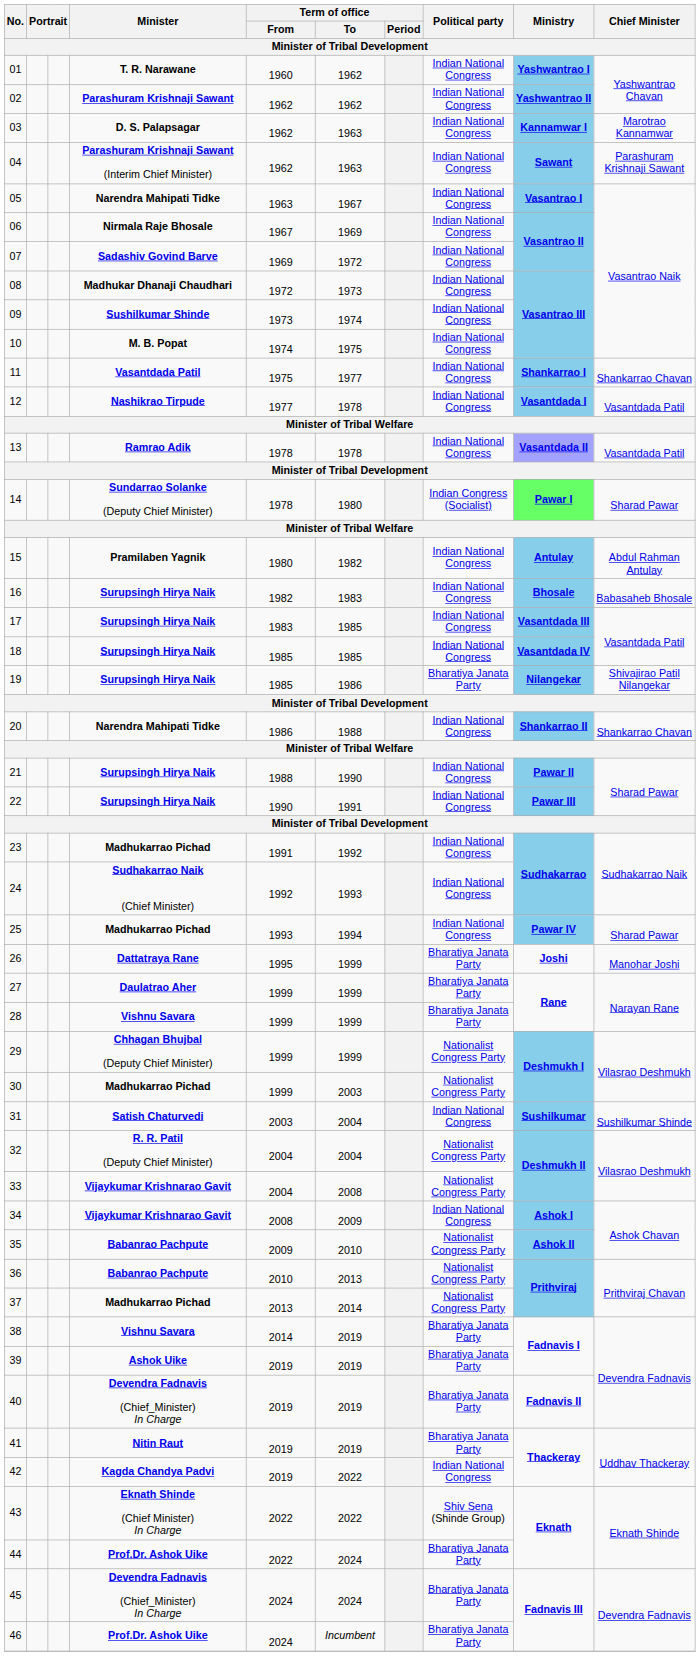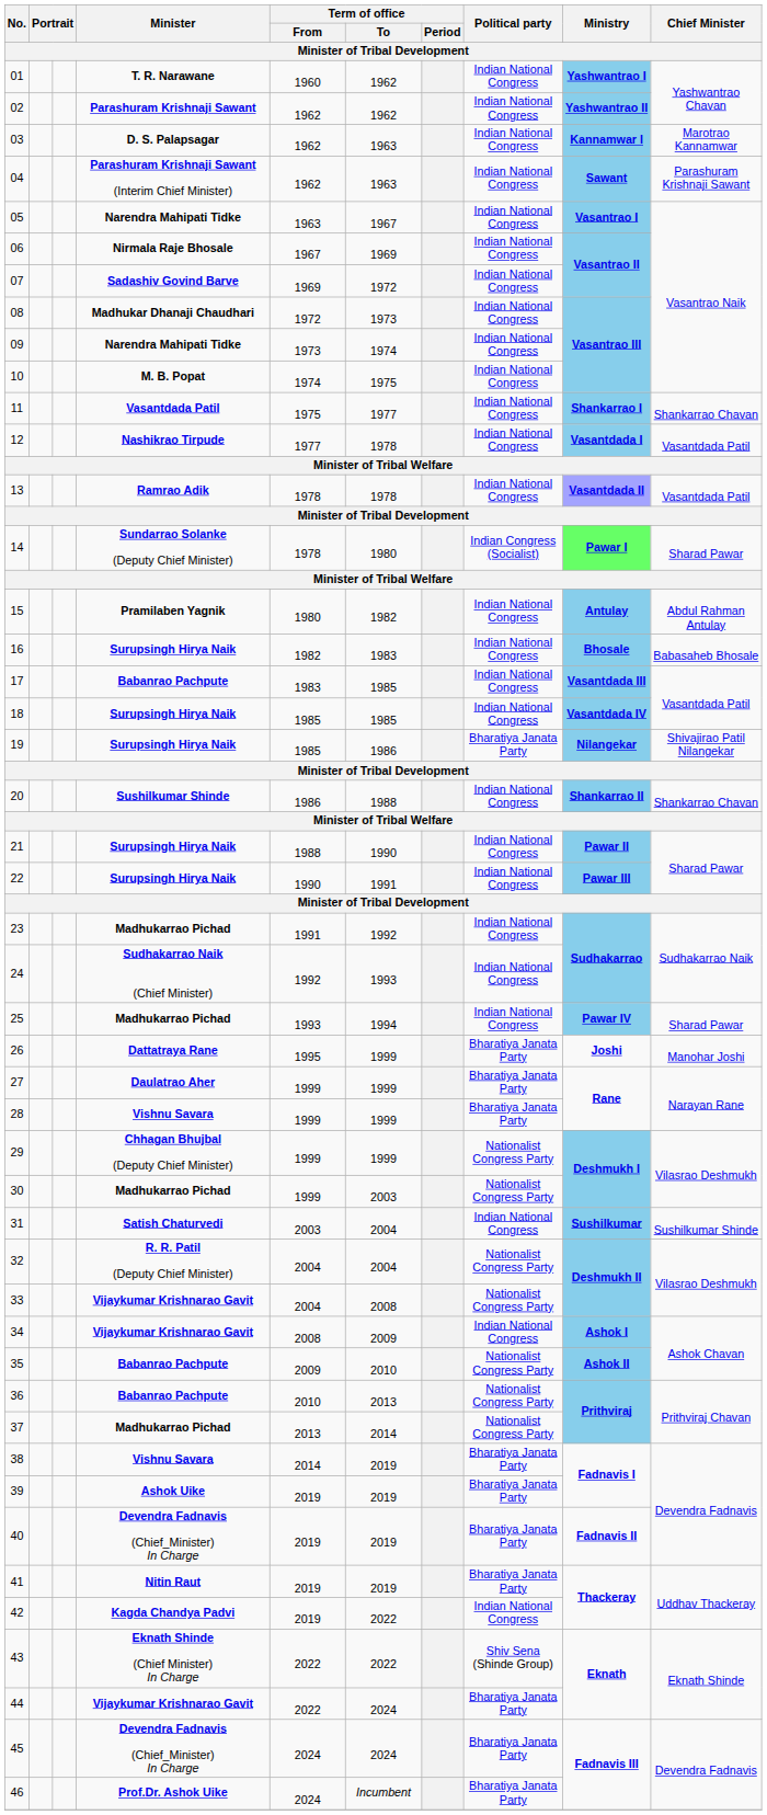 <table class="wikitable" style="text-align:center">
 <tr>
 <th rowspan="2">No.</th>
 <th rowspan="2" colspan="2">Portrait</th>
 <th rowspan="2" style="width:16em">Minister<br></th>
 <th colspan="3">Term of office</th>
 <th rowspan="2" style="width:8em">Political party</th>
 <th rowspan="2">Ministry</th>
 <th rowspan="2" style="width:9em">Chief Minister</th>
 </tr>
 <tr>
 <th style="width:6em">From</th>
 <th style="width:6em">To</th>
 <th>Period</th>
 </tr>
 <tr>
 <th colspan="10">Minister of Tribal Development</th>
 </tr>
 <tr>
 <td>01</td>
 <td style="color:inherit;background:"></td>
 <td></td>
 <td><strong>T. R. Narawane</strong>  <br> </td>
 <td><br>1960</td>
 <td><br>1962</td>
 <th></th>
 <td><a href='#'>Indian National Congress</a></td>
 <td bgcolor="#87CEEB"><a href='#'><strong>Yashwantrao I</strong></a></td>
 <td rowspan="2"> <br><a href='#'>Yashwantrao Chavan</a></td>
 </tr>
 <tr>
 <td>02</td>
 <td style="color:inherit;background:"></td>
 <td></td>
 <td><strong><a href='#'>Parashuram Krishnaji Sawant</a></strong>  <br> </td>
 <td><br>1962</td>
 <td><br>1962</td>
 <th></th>
 <td><a href='#'>Indian National Congress</a></td>
 <td bgcolor="#87CEEB"><a href='#'><strong>Yashwantrao II</strong></a></td>
 </tr>
 <tr>
 <td>03</td>
 <td style="color:inherit;background:"></td>
 <td></td>
 <td><strong>D. S. Palapsagar</strong>  <br> </td>
 <td><br>1962</td>
 <td><br>1963</td>
 <th></th>
 <td><a href='#'>Indian National Congress</a></td>
 <td bgcolor="#87CEEB"><a href='#'><strong>Kannamwar l</strong></a></td>
 <td><a href='#'>Marotrao Kannamwar</a></td>
 </tr>
 <tr>
 <td>04</td>
 <td style="color:inherit;background:"></td>
 <td></td>
 <td><strong><a href='#'>Parashuram Krishnaji Sawant</a></strong> <br>  <br>(Interim Chief Minister)</td>
 <td><br>1962</td>
 <td><br>1963</td>
 <th></th>
 <td><a href='#'>Indian National Congress</a></td>
 <td bgcolor="#87CEEB"><a href='#'><strong>Sawant</strong></a></td>
 <td><a href='#'>Parashuram Krishnaji Sawant</a></td>
 </tr>
 <tr>
 <td>05</td>
 <td style="color:inherit;background:"></td>
 <td></td>
 <td><strong>Narendra Mahipati Tidke</strong> <br> </td>
 <td><br>1963</td>
 <td><br>1967</td>
 <th></th>
 <td><a href='#'>Indian National Congress</a></td>
 <td bgcolor="#87CEEB"><a href='#'><strong>Vasantrao I</strong></a></td>
 <td rowspan="6"><br><a href='#'>Vasantrao Naik</a></td>
 </tr>
 <tr>
 <td>06</td>
 <td style="color:inherit;background:"></td>
 <td></td>
 <td><strong>Nirmala Raje Bhosale</strong> <br> </td>
 <td><br>1967</td>
 <td><br>1969</td>
 <th></th>
 <td><a href='#'>Indian National Congress</a></td>
 <td rowspan="2" bgcolor="#87CEEB"><a href='#'><strong>Vasantrao II</strong></a></td>
 </tr>
 <tr>
 <td>07</td>
 <td style="color:inherit;background:"></td>
 <td></td>
 <td><strong><a href='#'>Sadashiv Govind Barve</a></strong> <br> </td>
 <td><br>1969</td>
 <td><br>1972</td>
 <th></th>
 <td><a href='#'>Indian National Congress</a></td>
 </tr>
 <tr>
 <td>08</td>
 <td style="color:inherit;background:"></td>
 <td></td>
 <td><strong>Madhukar Dhanaji Chaudhari</strong> <br> </td>
 <td><br>1972</td>
 <td><br>1973</td>
 <th></th>
 <td><a href='#'>Indian National Congress</a></td>
 <td rowspan="3" bgcolor="#87CEEB"><a href='#'><strong>Vasantrao III</strong></a></td>
 </tr>
 <tr>
 <td>09</td>
 <td style="color:inherit;background:"></td>
 <td></td>
-<td><strong><a href='#'>Sushilkumar Shinde</a></strong>  <br> </td>
+<td><strong>Narendra Mahipati Tidke</strong> <br> </td>
 <td><br>1973</td>
 <td><br>1974</td>
 <th></th>
 <td><a href='#'>Indian National Congress</a></td>
 </tr>
 <tr>
 <td>10</td>
 <td style="color:inherit;background:"></td>
 <td></td>
 <td><strong>M. B. Popat</strong> <br> </td>
 <td><br>1974</td>
 <td><br>1975</td>
 <th></th>
 <td><a href='#'>Indian National Congress</a></td>
 </tr>
 <tr>
 <td>11</td>
 <td style="color:inherit;background:"></td>
 <td></td>
 <td><strong><a href='#'>Vasantdada Patil</a></strong> <br> </td>
 <td><br>1975</td>
 <td><br>1977</td>
 <th></th>
 <td><a href='#'>Indian National Congress</a></td>
 <td rowspan="1" bgcolor="#87CEEB"><a href='#'><strong>Shankarrao I</strong></a></td>
 <td rowspan="1"><br><a href='#'>Shankarrao Chavan</a></td>
 </tr>
 <tr>
 <td>12</td>
 <td style="color:inherit;background:"></td>
 <td></td>
 <td><strong><a href='#'>Nashikrao Tirpude</a></strong> <br> </td>
 <td><br>1977</td>
 <td><br>1978</td>
 <th></th>
 <td><a href='#'>Indian National Congress</a></td>
 <td rowspan="1" bgcolor="#88CEEB"><a href='#'><strong>Vasantdada I</strong></a></td>
 <td rowspan="1"><br><a href='#'>Vasantdada Patil</a></td>
 </tr>
 <tr>
 <th colspan="10">Minister of Tribal Welfare</th>
 </tr>
 <tr>
 <td>13</td>
 <td style="color:inherit;background:"></td>
 <td></td>
 <td><strong><a href='#'>Ramrao Adik</a></strong> <br> </td>
 <td><br>1978</td>
 <td><br>1978</td>
 <th></th>
 <td><a href='#'>Indian National Congress</a></td>
 <td rowspan="1" bgcolor="#A3A3FF"><a href='#'><strong>Vasantdada II</strong></a></td>
 <td rowspan="1"><br><a href='#'>Vasantdada Patil</a></td>
 </tr>
 <tr>
 <th colspan="10">Minister of Tribal Development</th>
 </tr>
 <tr>
 <td>14</td>
 <td style="color:inherit;background:"></td>
 <td></td>
 <td><strong><a href='#'>Sundarrao Solanke</a></strong> <br> <br> (Deputy Chief Minister)</td>
 <td><br>1978</td>
 <td><br>1980</td>
 <th></th>
 <td><a href='#'>Indian Congress (Socialist)</a></td>
 <td rowspan="1" bgcolor="#66FF66"><a href='#'><strong>Pawar I</strong></a></td>
 <td rowspan="1"><br><a href='#'>Sharad Pawar</a></td>
 </tr>
 <tr>
 <th colspan="10">Minister of Tribal Welfare</th>
 </tr>
 <tr>
 <td>15</td>
 <td style="color:inherit;background:"></td>
 <td></td>
 <td><strong>Pramilaben Yagnik</strong>  <br> </td>
 <td><br>1980</td>
 <td><br>1982</td>
 <th></th>
 <td><a href='#'>Indian National Congress</a></td>
 <td rowspan="1" bgcolor="#87CEEB"><a href='#'><strong>Antulay</strong></a></td>
 <td rowspan="1"> <br><a href='#'>Abdul Rahman Antulay</a></td>
 </tr>
 <tr>
 <td>16</td>
 <td style="color:inherit;background:"></td>
 <td></td>
 <td><strong><a href='#'>Surupsingh Hirya Naik</a></strong>  <br> </td>
 <td><br>1982</td>
 <td><br>1983</td>
 <th></th>
 <td><a href='#'>Indian National Congress</a></td>
 <td rowspan="1" bgcolor="#87CEEB"><a href='#'><strong>Bhosale</strong></a></td>
 <td rowspan="1"> <br><a href='#'>Babasaheb Bhosale</a></td>
 </tr>
 <tr>
 <td>17</td>
 <td style="color:inherit;background:"></td>
 <td></td>
-<td><strong><a href='#'>Surupsingh Hirya Naik</a></strong> <br> </td>
+<td><strong><a href='#'>Babanrao Pachpute</a></strong> <br> </td>
 <td><br>1983</td>
 <td><br>1985</td>
 <th></th>
 <td><a href='#'>Indian National Congress</a></td>
 <td rowspan="1" bgcolor="#87CEEB"><a href='#'><strong>Vasantdada III</strong></a></td>
 <td rowspan="2"><br><a href='#'>Vasantdada Patil</a></td>
 </tr>
 <tr>
 <td>18</td>
 <td style="color:inherit;background:"></td>
 <td></td>
 <td><strong><a href='#'>Surupsingh Hirya Naik</a></strong> <br> </td>
 <td><br>1985</td>
 <td><br>1985</td>
 <th></th>
 <td><a href='#'>Indian National Congress</a></td>
 <td bgcolor="#87CEEB"><a href='#'><strong>Vasantdada IV</strong></a></td>
 </tr>
 <tr>
 <td>19</td>
 <td style="color:inherit;background:"></td>
 <td></td>
 <td><strong><a href='#'>Surupsingh Hirya Naik</a></strong> <br> </td>
 <td><br>1985</td>
 <td><br>1986</td>
 <th></th>
 <td><a href='#'>Bharatiya Janata Party</a></td>
 <td rowspan="1" bgcolor="#87CEEB"><a href='#'><strong>Nilangekar</strong></a></td>
 <td rowspan="1"><a href='#'>Shivajirao Patil Nilangekar</a></td>
 </tr>
 <tr>
 <th colspan="10">Minister of Tribal Development</th>
 </tr>
 <tr>
 <td>20</td>
 <td style="color:inherit;background:"></td>
 <td></td>
-<td><strong>Narendra Mahipati Tidke</strong> <br> </td>
+<td><strong><a href='#'>Sushilkumar Shinde</a></strong>  <br> </td>
 <td><br>1986</td>
 <td><br>1988</td>
 <th></th>
 <td><a href='#'>Indian National Congress</a></td>
 <td rowspan="1"bgcolor="#87CEEB"><a href='#'><strong>Shankarrao II</strong></a></td>
 <td rowspan="1"> <br><a href='#'>Shankarrao Chavan</a></td>
 </tr>
 <tr>
 <th colspan="10">Minister of Tribal Welfare</th>
 </tr>
 <tr>
 <td>21</td>
 <td style="color:inherit;background:"></td>
 <td></td>
 <td><strong><a href='#'>Surupsingh Hirya Naik</a></strong> <br> </td>
 <td><br>1988</td>
 <td><br>1990</td>
 <th></th>
 <td><a href='#'>Indian National Congress</a></td>
 <td rowspan="1" bgcolor="#87CEEB"><a href='#'><strong>Pawar II</strong></a></td>
 <td rowspan="2"> <br><a href='#'>Sharad Pawar</a></td>
 </tr>
 <tr>
 <td>22</td>
 <td style="color:inherit;background:"></td>
 <td></td>
 <td><strong><a href='#'>Surupsingh Hirya Naik</a></strong> <br> </td>
 <td><br>1990</td>
 <td><br>1991</td>
 <th></th>
 <td><a href='#'>Indian National Congress</a></td>
 <td rowspan="1" bgcolor="#87CEEB"><a href='#'><strong>Pawar III</strong></a></td>
 </tr>
 <tr>
 <th colspan="10">Minister of Tribal Development</th>
 </tr>
 <tr>
 <td>23</td>
 <td style="color:inherit;background:"></td>
 <td></td>
 <td><strong>Madhukarrao Pichad</strong> <br> </td>
 <td><br>1991</td>
 <td><br>1992</td>
 <th></th>
 <td><a href='#'>Indian National Congress</a></td>
 <td rowspan="2" bgcolor="#87CEEB"><a href='#'><strong>Sudhakarrao</strong></a></td>
 <td rowspan="2"><a href='#'>Sudhakarrao Naik</a></td>
 </tr>
 <tr>
 <td>24</td>
 <td style="color:inherit;background:"></td>
 <td></td>
 <td><strong><a href='#'>Sudhakarrao Naik</a></strong> <br> <br><br> (Chief Minister)</td>
 <td><br>1992</td>
 <td><br>1993</td>
 <th></th>
 <td><a href='#'>Indian National Congress</a></td>
 </tr>
 <tr>
 <td>25</td>
 <td style="color:inherit;background:"></td>
 <td></td>
 <td><strong>Madhukarrao Pichad</strong> <br> </td>
 <td><br>1993</td>
 <td><br>1994</td>
 <th></th>
 <td><a href='#'>Indian National Congress</a></td>
 <td rowspan="1" bgcolor="#87CEEB"><a href='#'><strong>Pawar IV</strong></a></td>
 <td rowspan="1"> <br><a href='#'>Sharad Pawar</a></td>
 </tr>
 <tr>
 <td>26</td>
 <td style="color:inherit;background:"></td>
 <td></td>
 <td><strong><a href='#'>Dattatraya Rane</a></strong> <br> </td>
 <td><br>1995</td>
 <td><br>1999</td>
 <th></th>
 <td><a href='#'>Bharatiya Janata Party</a></td>
 <td rowspan="1"><a href='#'><strong>Joshi</strong></a></td>
 <td rowspan="1"> <br><a href='#'>Manohar Joshi</a></td>
 </tr>
 <tr>
 <td>27</td>
 <td style="color:inherit;background:"></td>
 <td></td>
 <td><strong><a href='#'>Daulatrao Aher</a></strong> <br> </td>
 <td><br>1999</td>
 <td><br>1999</td>
 <th></th>
 <td><a href='#'>Bharatiya Janata Party</a></td>
 <td rowspan="2"><a href='#'><strong>Rane</strong></a></td>
 <td rowspan="2"> <br><a href='#'>Narayan Rane</a></td>
 </tr>
 <tr>
 <td>28</td>
 <td style="color:inherit;background:"></td>
 <td></td>
 <td><strong><a href='#'>Vishnu Savara</a></strong> <br> </td>
 <td><br>1999</td>
 <td><br>1999</td>
 <th></th>
 <td><a href='#'>Bharatiya Janata Party</a></td>
 </tr>
 <tr>
 <td>29</td>
 <td style="color:inherit;background:"></td>
 <td></td>
 <td><strong><a href='#'>Chhagan Bhujbal</a></strong> <br> <br>(Deputy Chief Minister)</td>
 <td><br>1999</td>
 <td><br>1999</td>
 <th></th>
 <td><a href='#'>Nationalist Congress Party</a></td>
 <td rowspan="2" bgcolor="#87CEEB"><a href='#'><strong>Deshmukh I</strong></a></td>
 <td rowspan="2"> <br><a href='#'>Vilasrao Deshmukh</a></td>
 </tr>
 <tr>
 <td>30</td>
 <td style="color:inherit;background:"></td>
 <td></td>
 <td><strong>Madhukarrao Pichad</strong> <br> </td>
 <td><br>1999</td>
 <td><br>2003</td>
 <th></th>
 <td><a href='#'>Nationalist Congress Party</a></td>
 </tr>
 <tr>
 <td>31</td>
 <td style="color:inherit;background:"></td>
 <td></td>
 <td><strong><a href='#'>Satish Chaturvedi</a></strong> <br> </td>
 <td><br>2003</td>
 <td><br>2004</td>
 <th></th>
 <td><a href='#'>Indian National Congress</a></td>
 <td rowspan="1" bgcolor="#87CEEB"><a href='#'><strong>Sushilkumar</strong></a></td>
 <td rowspan="1"> <br><a href='#'>Sushilkumar Shinde</a></td>
 </tr>
 <tr>
 <td>32</td>
 <td style="color:inherit;background:"></td>
 <td></td>
 <td><strong><a href='#'>R. R. Patil</a></strong> <br> <br>(Deputy Chief Minister)</td>
 <td><br>2004</td>
 <td><br>2004</td>
 <th></th>
 <td><a href='#'>Nationalist Congress Party</a></td>
 <td rowspan="2" bgcolor="#87CEEB"><a href='#'><strong>Deshmukh II</strong></a></td>
 <td rowspan="2"> <br><a href='#'>Vilasrao Deshmukh</a></td>
 </tr>
 <tr>
 <td>33</td>
 <td style="color:inherit;background:"></td>
 <td></td>
 <td><strong><a href='#'>Vijaykumar Krishnarao Gavit</a></strong> <br> </td>
 <td><br>2004</td>
 <td><br>2008</td>
 <th></th>
 <td><a href='#'>Nationalist Congress Party</a></td>
 </tr>
 <tr>
 <td>34</td>
 <td style="color:inherit;background:"></td>
 <td></td>
 <td><strong><a href='#'>Vijaykumar Krishnarao Gavit</a></strong> <br> </td>
 <td><br>2008</td>
 <td><br>2009</td>
 <th></th>
 <td><a href='#'>Indian National Congress</a></td>
 <td rowspan="1" bgcolor="#87CEEB"><a href='#'><strong>Ashok I</strong></a></td>
 <td rowspan="2"><br><a href='#'>Ashok Chavan</a></td>
 </tr>
 <tr>
 <td>35</td>
 <td style="color:inherit;background:"></td>
 <td></td>
 <td><strong><a href='#'>Babanrao Pachpute</a></strong> <br> </td>
 <td><br>2009</td>
 <td><br>2010</td>
 <th></th>
 <td><a href='#'>Nationalist Congress Party</a></td>
 <td rowspan="1"bgcolor="#87CEEB"><a href='#'><strong>Ashok II</strong></a></td>
 </tr>
 <tr>
 <td>36</td>
 <td style="color:inherit;background:"></td>
 <td></td>
 <td><strong><a href='#'>Babanrao Pachpute</a></strong> <br> </td>
 <td><br>2010</td>
 <td><br>2013</td>
 <th></th>
 <td><a href='#'>Nationalist Congress Party</a></td>
 <td rowspan="2" bgcolor="#87CEEB"><a href='#'><strong>Prithviraj</strong></a></td>
 <td rowspan="2"><br><a href='#'>Prithviraj Chavan</a></td>
 </tr>
 <tr>
 <td>37</td>
 <td style="color:inherit;background:"></td>
 <td></td>
 <td><strong>Madhukarrao Pichad</strong> <br> </td>
 <td><br>2013</td>
 <td><br>2014</td>
 <th></th>
 <td><a href='#'>Nationalist Congress Party</a></td>
 </tr>
 <tr>
 <td>38</td>
 <td style="color:inherit;background:"></td>
 <td></td>
 <td><strong><a href='#'>Vishnu Savara</a></strong> <br> </td>
 <td><br>2014</td>
 <td><br>2019</td>
 <th></th>
 <td rowspan="1"><a href='#'>Bharatiya Janata Party</a></td>
 <td rowspan="2"><a href='#'><strong>Fadnavis I</strong></a></td>
 <td rowspan="3"> <br><a href='#'>Devendra Fadnavis</a></td>
 </tr>
 <tr>
 <td>39</td>
 <td style="color:inherit;background:"></td>
 <td></td>
 <td><strong><a href='#'>Ashok Uike</a></strong> <br> </td>
 <td><br>2019</td>
 <td><br>2019</td>
 <th></th>
 <td rowspan="1"><a href='#'>Bharatiya Janata Party</a></td>
 </tr>
 <tr>
 <td>40</td>
 <td style="color:inherit;background:"></td>
 <td></td>
 <td><strong><a href='#'>Devendra Fadnavis</a></strong>  <br> <br>(Chief_Minister) <br><em>In Charge</em></td>
 <td><br>2019</td>
 <td><br>2019</td>
 <th></th>
 <td><a href='#'>Bharatiya Janata Party</a></td>
 <td rowspan="1"><a href='#'><strong>Fadnavis II</strong></a></td>
 </tr>
 <tr>
 <td>41</td>
 <td style="color:inherit;background:"></td>
 <td></td>
 <td><strong><a href='#'>Nitin Raut</a></strong> <br> </td>
 <td><br>2019</td>
 <td><br>2019</td>
 <th></th>
 <td><a href='#'>Bharatiya Janata Party</a></td>
 <td rowspan="2"><a href='#'><strong>Thackeray</strong></a></td>
 <td rowspan="2"> <br><a href='#'>Uddhav Thackeray</a></td>
 </tr>
 <tr>
 <td>42</td>
 <td style="color:inherit;background:"></td>
 <td></td>
 <td><strong><a href='#'>Kagda Chandya Padvi</a></strong> <br> </td>
 <td><br>2019</td>
 <td><br>2022</td>
 <th></th>
 <td><a href='#'>Indian National Congress</a></td>
 </tr>
 <tr>
 <td>43</td>
 <td style="color:inherit;background:"></td>
 <td></td>
 <td><strong><a href='#'>Eknath Shinde</a></strong> <br>  <br>(Chief Minister)<br><em>In Charge</em></td>
 <td><br>2022</td>
 <td><br>2022</td>
 <th></th>
 <td><a href='#'>Shiv Sena</a> (Shinde Group)</td>
 <td rowspan="2"><a href='#'><strong>Eknath</strong></a></td>
 <td rowspan="2"> <br><a href='#'>Eknath Shinde</a></td>
 </tr>
 <tr>
 <td>44</td>
 <td style="color:inherit;background:"></td>
 <td></td>
-<td><strong><a href='#'>Prof.Dr. Ashok Uike</a></strong> <br> </td>
+<td><strong><a href='#'>Vijaykumar Krishnarao Gavit</a></strong> <br> </td>
 <td><br>2022</td>
 <td><br>2024</td>
 <th></th>
 <td><a href='#'>Bharatiya Janata Party</a></td>
 </tr>
 <tr>
 <td>45</td>
 <td style="color:inherit;background:"></td>
 <td></td>
 <td><strong><a href='#'>Devendra Fadnavis</a></strong>  <br> <br>(Chief_Minister) <br><em>In Charge</em></td>
 <td><br>2024</td>
 <td><br>2024</td>
 <th></th>
 <td><a href='#'>Bharatiya Janata Party</a></td>
 <td rowspan="2"><a href='#'><strong>Fadnavis III</strong></a></td>
 <td rowspan="2"> <br><a href='#'>Devendra Fadnavis</a></td>
 </tr>
 <tr>
 <td>46</td>
 <td style="color:inherit;background:"></td>
 <td></td>
 <td><strong><a href='#'>Prof.Dr. Ashok Uike</a></strong> <br> </td>
 <td><br>2024</td>
 <td><em>Incumbent</em></td>
 <th></th>
 <td><a href='#'>Bharatiya Janata Party</a></td>
 </tr>
 <tr>
 </tr>
 </table>
